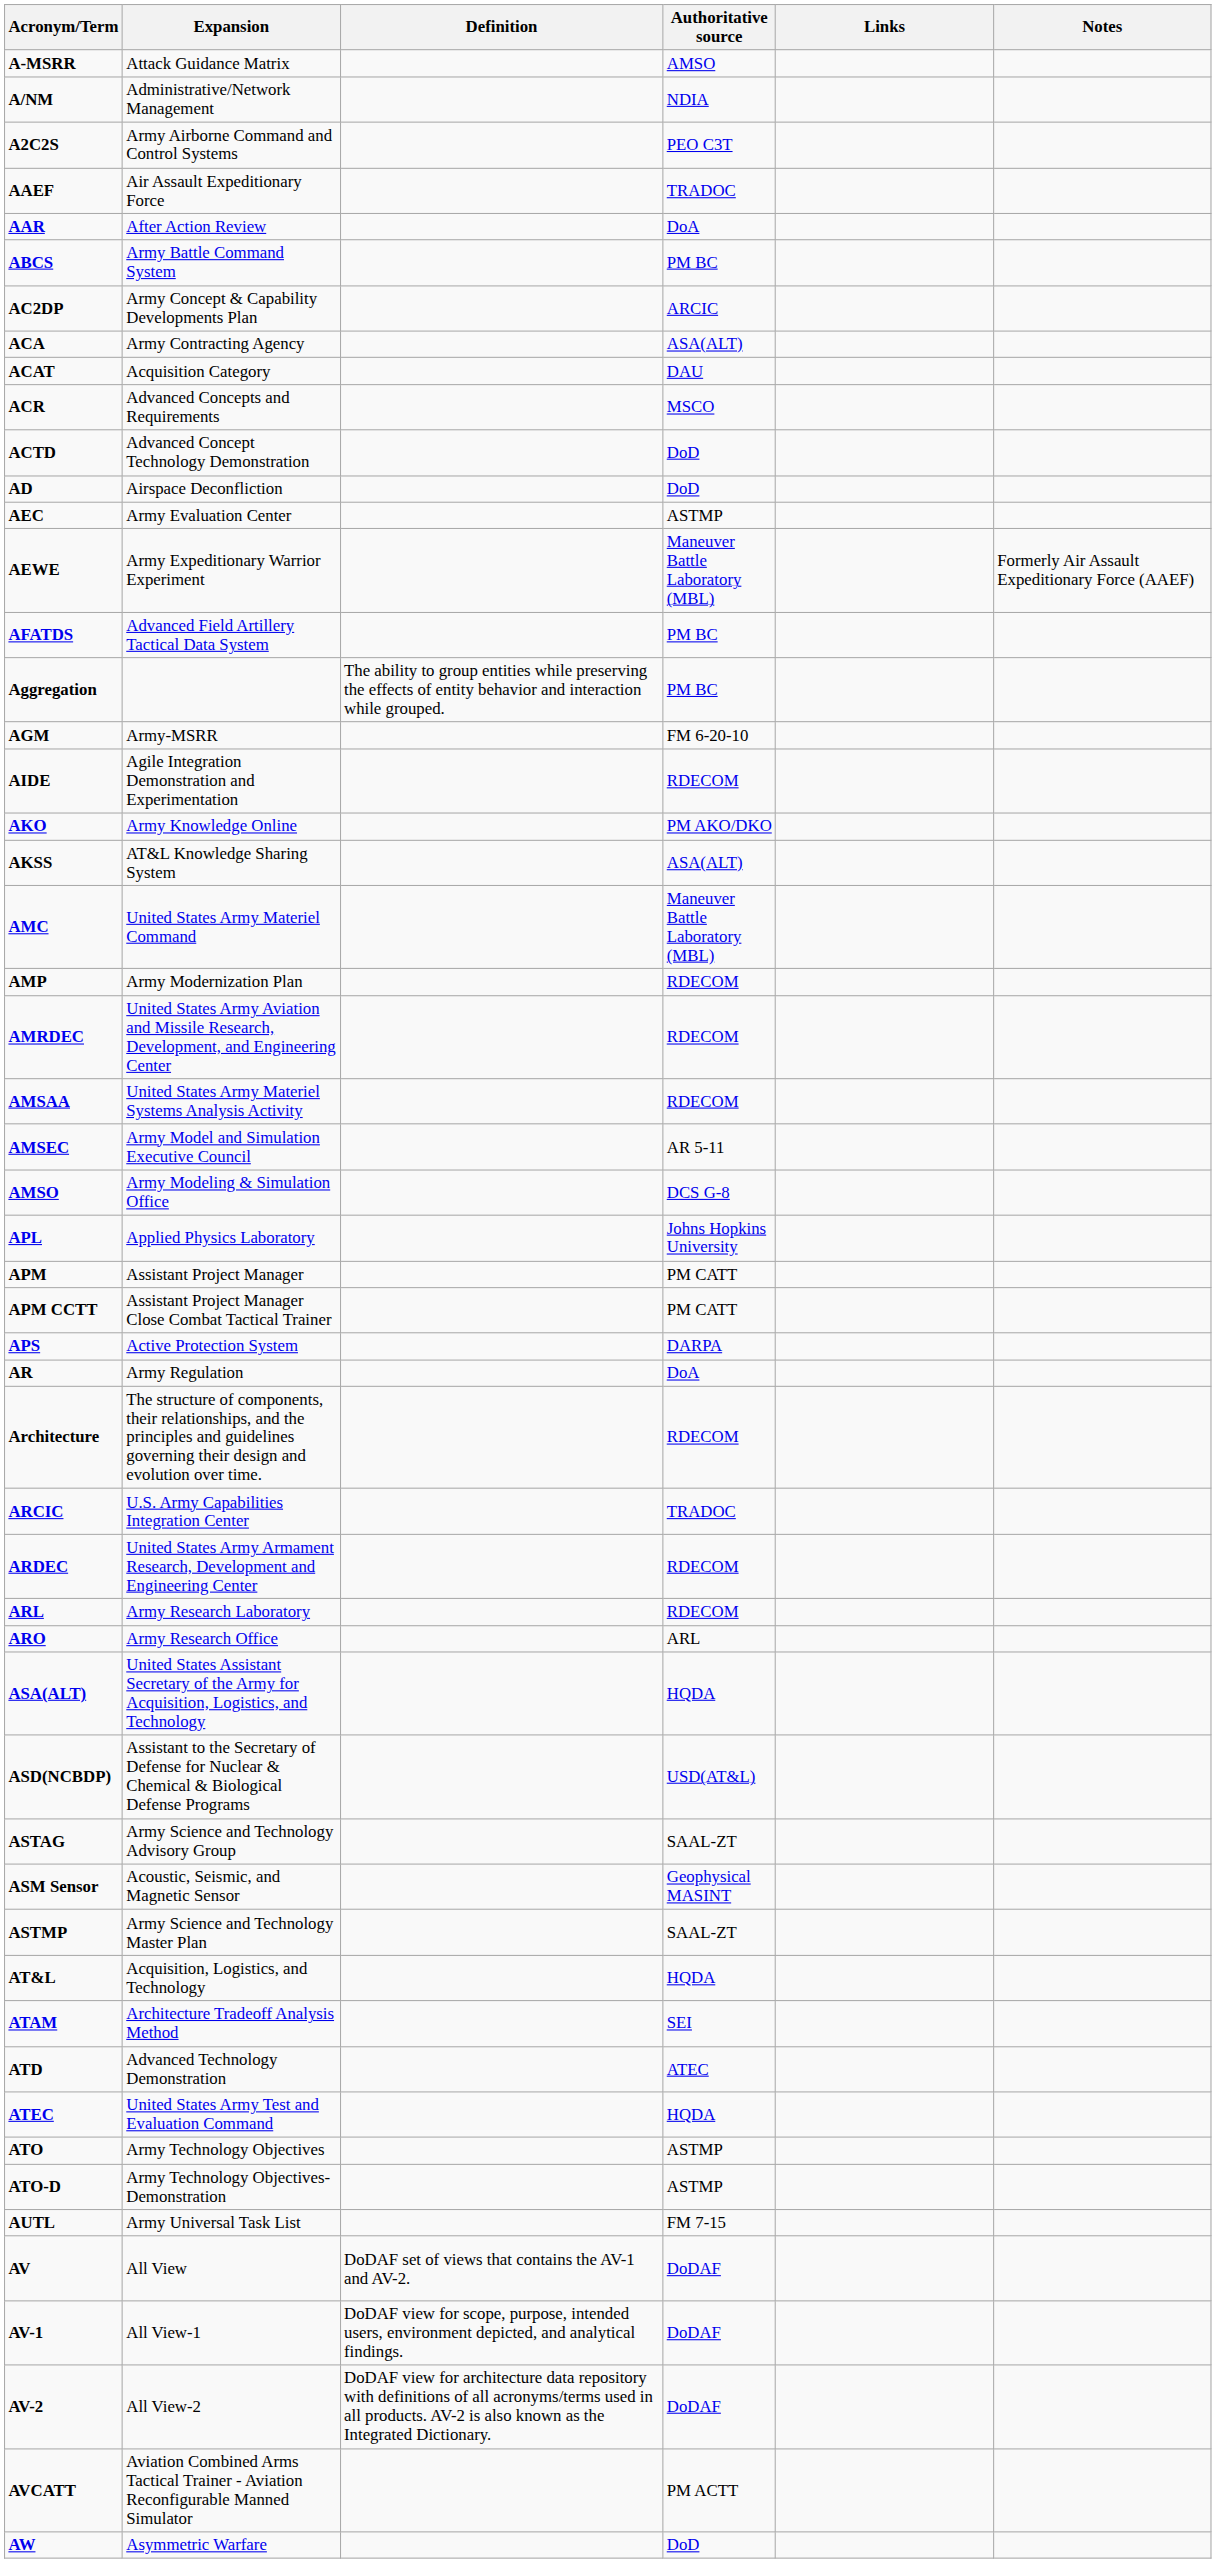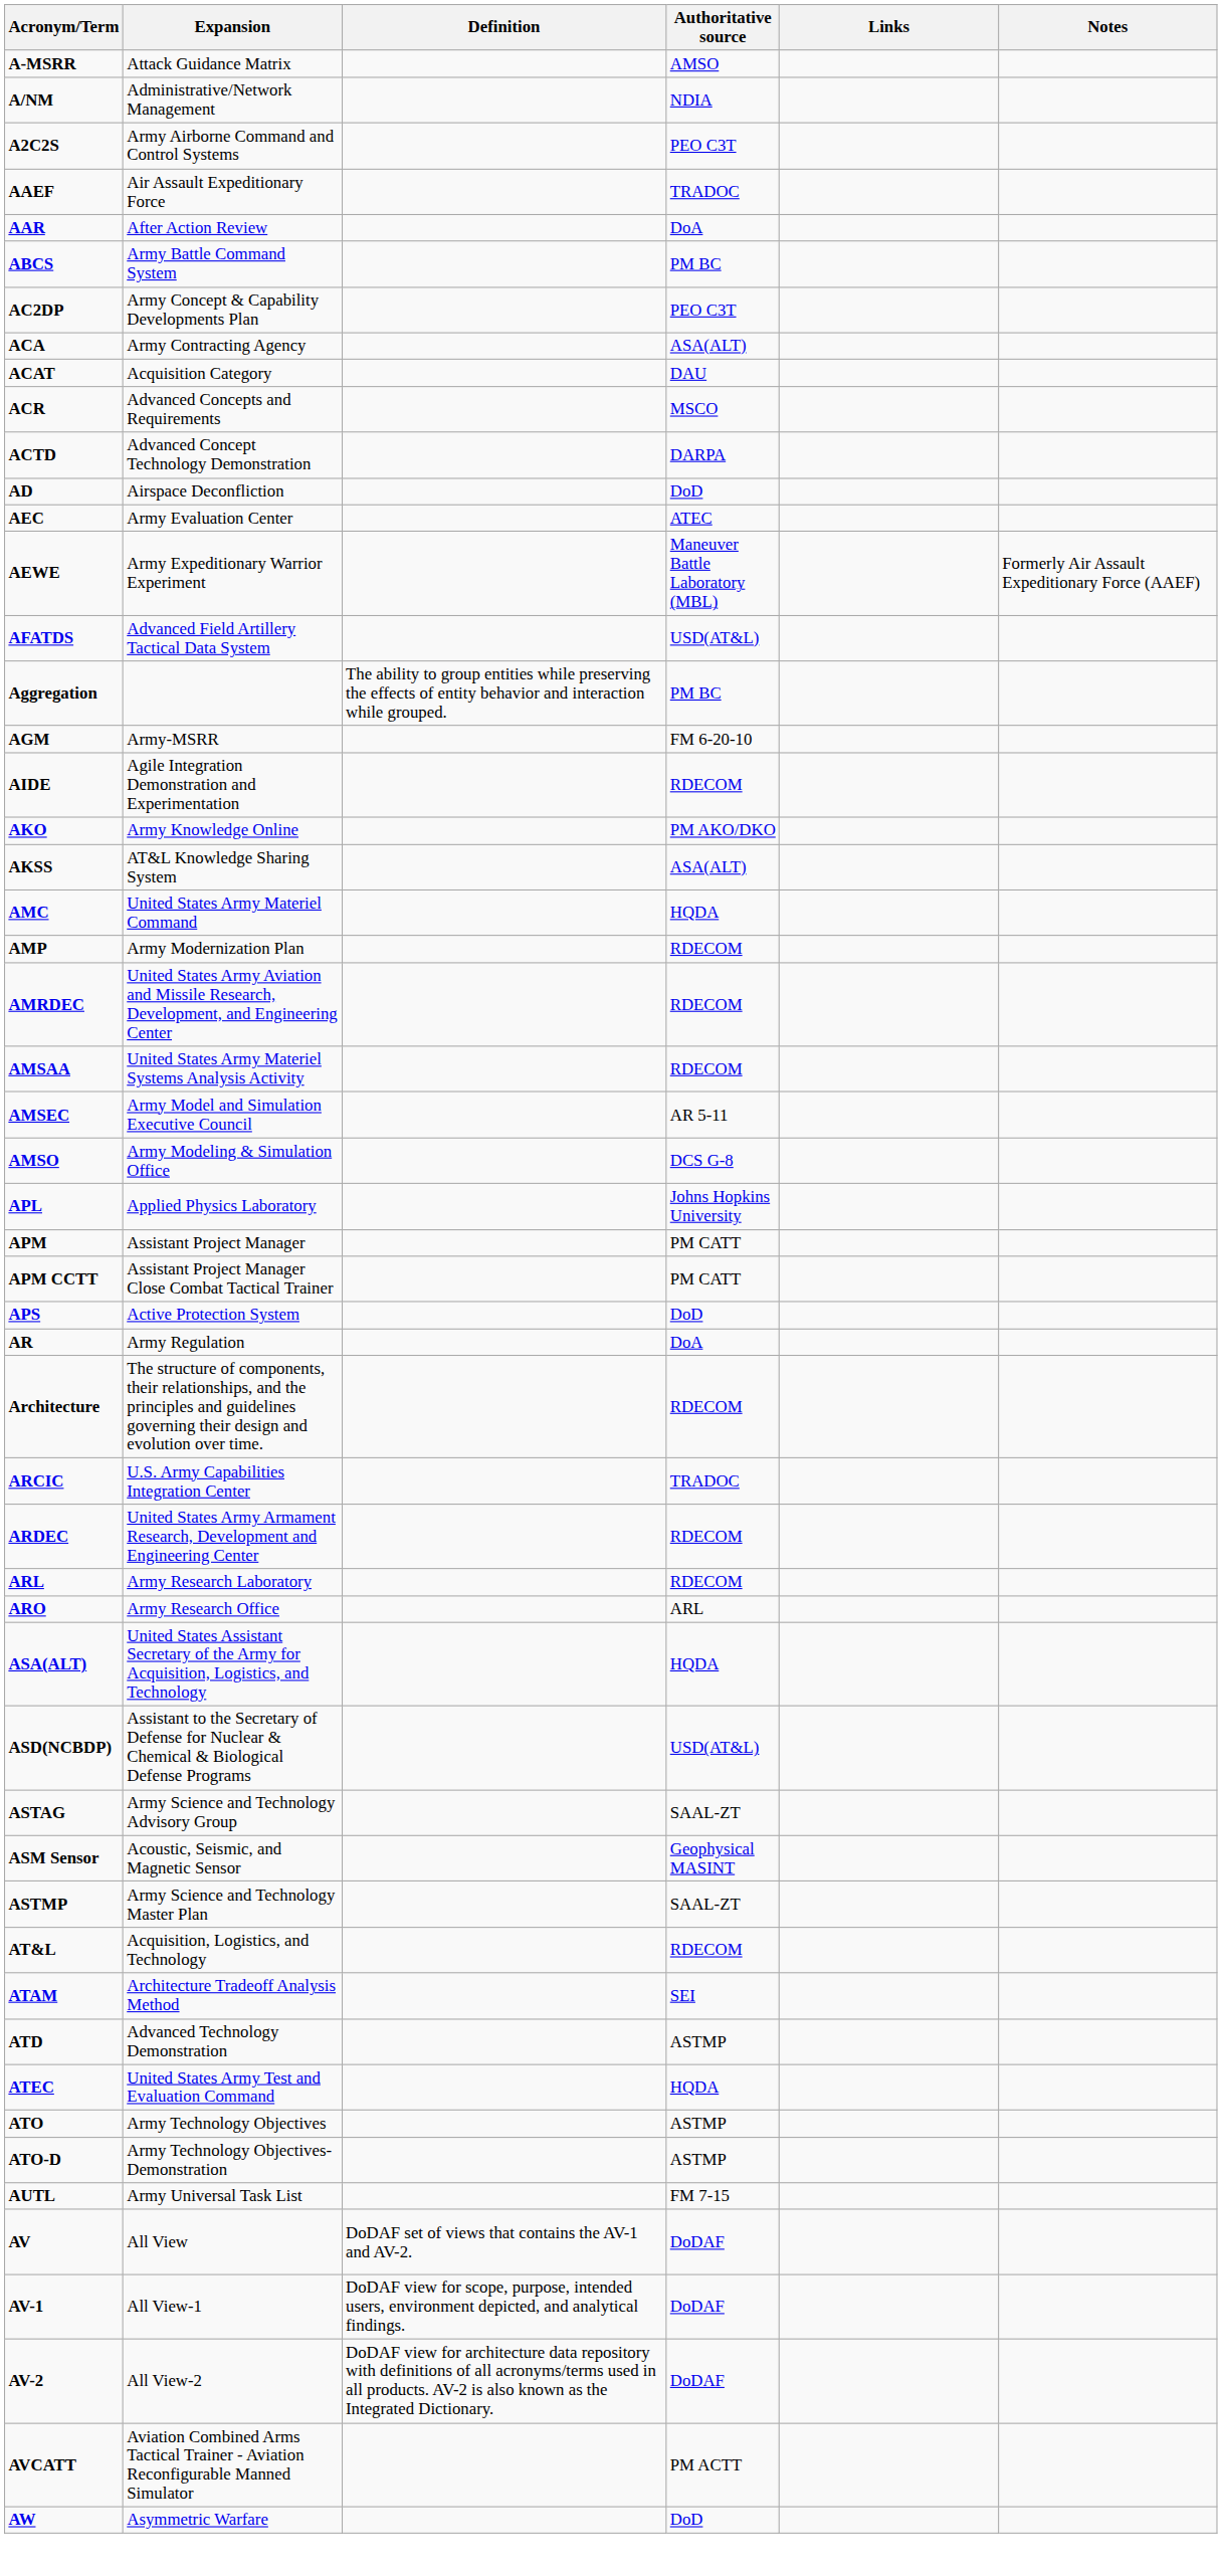 <table class="wikitable">
 <tr>
 <th width="100">Acronym/Term</th>
 <th width="200">Expansion</th>
 <th width="300">Definition</th>
 <th width="100">Authoritative source</th>
 <th width="200">Links</th>
 <th width="200">Notes</th>
 </tr>
 <tr>
 <td><strong>A-MSRR</strong></td>
 <td>Attack Guidance Matrix</td>
 <td></td>
 <td><a href='#'>AMSO</a></td>
 <td></td>
 <td></td>
 </tr>
 <tr>
 <td><strong>A/NM</strong></td>
 <td>Administrative/Network Management</td>
 <td></td>
 <td><a href='#'>NDIA</a></td>
 <td></td>
 <td></td>
 </tr>
 <tr>
 <td><strong>A2C2S</strong></td>
 <td>Army Airborne Command and Control Systems</td>
 <td></td>
 <td><a href='#'>PEO C3T</a></td>
 <td></td>
 <td></td>
 </tr>
 <tr>
 <td><strong>AAEF</strong></td>
 <td>Air Assault Expeditionary Force</td>
 <td></td>
 <td><a href='#'>TRADOC</a></td>
 <td></td>
 <td></td>
 </tr>
 <tr>
 <td><strong><a href='#'>AAR</a></strong></td>
 <td><a href='#'>After Action Review</a></td>
 <td></td>
 <td><a href='#'>DoA</a></td>
 <td></td>
 <td></td>
 </tr>
 <tr>
 <td><strong><a href='#'>ABCS</a></strong></td>
 <td><a href='#'>Army Battle Command System</a></td>
 <td></td>
 <td><a href='#'>PM BC</a></td>
 <td> </td>
 <td></td>
 </tr>
 <tr>
 <td><strong>AC2DP</strong></td>
 <td>Army Concept & Capability Developments Plan</td>
 <td></td>
-<td><a href='#'>ARCIC</a></td>
+<td><a href='#'>PEO C3T</a></td>
 <td> </td>
 <td></td>
 </tr>
 <tr>
 <td><strong>ACA</strong></td>
 <td>Army Contracting Agency</td>
 <td></td>
 <td><a href='#'>ASA(ALT)</a></td>
 <td></td>
 <td></td>
 </tr>
 <tr>
 <td><strong>ACAT</strong></td>
 <td>Acquisition Category</td>
 <td></td>
 <td><a href='#'>DAU</a></td>
 <td></td>
 <td></td>
 </tr>
 <tr>
 <td><strong>ACR</strong></td>
 <td>Advanced Concepts and Requirements</td>
 <td></td>
 <td><a href='#'>MSCO</a></td>
 <td></td>
 <td></td>
 </tr>
 <tr>
 <td><strong>ACTD</strong></td>
 <td>Advanced Concept Technology Demonstration</td>
 <td></td>
-<td><a href='#'>DoD</a></td>
+<td><a href='#'>DARPA</a></td>
 <td></td>
 <td></td>
 </tr>
 <tr>
 <td><strong>AD</strong></td>
 <td>Airspace Deconfliction</td>
 <td></td>
 <td><a href='#'>DoD</a></td>
 <td></td>
 <td></td>
 </tr>
 <tr>
 <td><strong>AEC</strong></td>
 <td>Army Evaluation Center</td>
 <td></td>
-<td>ASTMP</td>
+<td><a href='#'>ATEC</a></td>
 <td></td>
 <td></td>
 </tr>
 <tr>
 <td><strong>AEWE</strong></td>
 <td>Army Expeditionary Warrior Experiment</td>
 <td></td>
 <td><a href='#'>Maneuver Battle Laboratory (MBL)</a></td>
 <td></td>
 <td>Formerly Air Assault Expeditionary Force (AAEF)</td>
 </tr>
 <tr>
 <td><strong><a href='#'>AFATDS</a></strong></td>
 <td><a href='#'>Advanced Field Artillery Tactical Data System</a></td>
 <td></td>
-<td><a href='#'>PM BC</a></td>
+<td><a href='#'>USD(AT&L)</a></td>
 <td></td>
 <td></td>
 </tr>
 <tr>
 <td><strong>Aggregation</strong></td>
 <td></td>
 <td>The ability to group entities while preserving the effects of entity behavior and  interaction while grouped.</td>
 <td><a href='#'>PM BC</a></td>
 <td></td>
 <td></td>
 </tr>
 <tr>
 <td><strong>AGM</strong></td>
 <td>Army-MSRR</td>
 <td></td>
 <td>FM 6-20-10</td>
 <td></td>
 <td></td>
 </tr>
 <tr>
 <td><strong>AIDE</strong></td>
 <td>Agile Integration Demonstration and Experimentation</td>
 <td></td>
 <td><a href='#'>RDECOM</a></td>
 <td></td>
 <td></td>
 </tr>
 <tr>
 <td><strong><a href='#'>AKO</a></strong></td>
 <td><a href='#'>Army Knowledge Online</a></td>
 <td></td>
 <td><a href='#'>PM AKO/DKO</a></td>
 <td></td>
 <td></td>
 </tr>
 <tr>
 <td><strong>AKSS</strong></td>
 <td>AT&L Knowledge Sharing System</td>
 <td></td>
 <td><a href='#'>ASA(ALT)</a></td>
 <td></td>
 <td></td>
 </tr>
 <tr>
 <td><strong><a href='#'>AMC</a></strong></td>
 <td><a href='#'>United States Army Materiel Command</a></td>
 <td></td>
-<td><a href='#'>Maneuver Battle Laboratory (MBL)</a></td>
+<td><a href='#'>HQDA</a></td>
 <td></td>
 <td></td>
 </tr>
 <tr>
 <td><strong>AMP</strong></td>
 <td>Army Modernization Plan</td>
 <td></td>
 <td><a href='#'>RDECOM</a></td>
 <td><br></td>
 <td></td>
 </tr>
 <tr>
 <td><strong><a href='#'>AMRDEC</a></strong></td>
 <td><a href='#'>United States Army Aviation and Missile Research, Development, and Engineering Center</a></td>
 <td></td>
 <td><a href='#'>RDECOM</a></td>
 <td></td>
 <td></td>
 </tr>
 <tr>
 <td><strong><a href='#'>AMSAA</a></strong></td>
 <td><a href='#'>United States Army Materiel Systems Analysis Activity</a></td>
 <td></td>
 <td><a href='#'>RDECOM</a></td>
 <td></td>
 <td></td>
 </tr>
 <tr>
 <td><strong><a href='#'>AMSEC</a></strong></td>
 <td><a href='#'>Army Model and Simulation Executive Council</a></td>
 <td></td>
 <td>AR 5-11</td>
 <td></td>
 <td></td>
 </tr>
 <tr>
 <td><strong><a href='#'>AMSO</a></strong></td>
 <td><a href='#'>Army Modeling & Simulation Office</a></td>
 <td></td>
 <td><a href='#'>DCS G-8</a></td>
 <td></td>
 <td></td>
 </tr>
 <tr>
 <td><strong><a href='#'>APL</a></strong></td>
 <td><a href='#'>Applied Physics Laboratory</a></td>
 <td></td>
 <td><a href='#'>Johns Hopkins University</a></td>
 <td></td>
 <td></td>
 </tr>
 <tr>
 <td><strong>APM</strong></td>
 <td>Assistant Project Manager</td>
 <td></td>
 <td>PM CATT</td>
 <td></td>
 <td></td>
 </tr>
 <tr>
 <td><strong>APM CCTT</strong></td>
 <td>Assistant Project Manager Close Combat Tactical Trainer</td>
 <td></td>
 <td>PM CATT</td>
 <td></td>
 <td></td>
 </tr>
 <tr>
 <td><strong><a href='#'>APS</a></strong></td>
 <td><a href='#'>Active Protection System</a></td>
 <td></td>
-<td><a href='#'>DARPA</a></td>
+<td><a href='#'>DoD</a></td>
 <td></td>
 <td></td>
 </tr>
 <tr>
 <td><strong>AR</strong></td>
 <td>Army Regulation</td>
 <td></td>
 <td><a href='#'>DoA</a></td>
 <td></td>
 <td></td>
 </tr>
 <tr>
 <td><strong>Architecture</strong></td>
 <td>The structure of components, their relationships, and the principles and guidelines governing their design and evolution over time.</td>
 <td></td>
 <td><a href='#'>RDECOM</a></td>
 <td><br><br></td>
 <td></td>
 </tr>
 <tr>
 <td><strong><a href='#'>ARCIC</a></strong></td>
 <td><a href='#'>U.S. Army Capabilities Integration Center</a></td>
 <td></td>
 <td><a href='#'>TRADOC</a></td>
 <td></td>
 <td></td>
 </tr>
 <tr>
 <td><strong><a href='#'>ARDEC</a></strong></td>
 <td><a href='#'>United States Army Armament Research, Development and Engineering Center</a></td>
 <td></td>
 <td><a href='#'>RDECOM</a></td>
 <td></td>
 <td></td>
 </tr>
 <tr>
 <td><strong><a href='#'>ARL</a></strong></td>
 <td><a href='#'>Army Research Laboratory</a></td>
 <td></td>
 <td><a href='#'>RDECOM</a></td>
 <td></td>
 <td></td>
 </tr>
 <tr>
 <td><strong><a href='#'>ARO</a></strong></td>
 <td><a href='#'>Army Research Office</a></td>
 <td></td>
 <td>ARL</td>
 <td></td>
 <td></td>
 </tr>
 <tr>
 <td><strong><a href='#'>ASA(ALT)</a></strong></td>
 <td><a href='#'>United States Assistant Secretary of the Army for Acquisition, Logistics, and Technology</a></td>
 <td></td>
 <td><a href='#'>HQDA</a></td>
 <td></td>
 <td></td>
 </tr>
 <tr>
 <td><strong>ASD(NCBDP)</strong></td>
 <td>Assistant to the Secretary of Defense for Nuclear & Chemical & Biological Defense Programs</td>
 <td></td>
 <td><a href='#'>USD(AT&L)</a></td>
 <td></td>
 <td></td>
 </tr>
 <tr>
 <td><strong>ASTAG</strong></td>
 <td>Army Science and Technology Advisory Group</td>
 <td></td>
 <td>SAAL-ZT</td>
 <td></td>
 <td></td>
 </tr>
 <tr>
 <td><strong>ASM Sensor</strong></td>
 <td>Acoustic, Seismic, and Magnetic Sensor</td>
 <td></td>
 <td><a href='#'>Geophysical MASINT</a></td>
 <td></td>
 <td></td>
 </tr>
 <tr>
 <td><strong>ASTMP</strong></td>
 <td>Army Science and Technology Master Plan</td>
 <td></td>
 <td>SAAL-ZT</td>
 <td></td>
 <td></td>
 </tr>
 <tr>
 <td><strong>AT&L</strong></td>
 <td>Acquisition, Logistics, and Technology</td>
 <td></td>
-<td><a href='#'>HQDA</a></td>
+<td><a href='#'>RDECOM</a></td>
 <td></td>
 <td></td>
 </tr>
 <tr>
 <td><strong><a href='#'>ATAM</a></strong></td>
 <td><a href='#'>Architecture Tradeoff Analysis Method</a></td>
 <td></td>
 <td><a href='#'>SEI</a></td>
 <td></td>
 <td></td>
 </tr>
 <tr>
 <td><strong>ATD</strong></td>
 <td>Advanced Technology Demonstration</td>
 <td></td>
-<td><a href='#'>ATEC</a></td>
+<td>ASTMP</td>
 <td></td>
 <td></td>
 </tr>
 <tr>
 <td><strong><a href='#'>ATEC</a></strong></td>
 <td><a href='#'>United States Army Test and Evaluation Command</a></td>
 <td></td>
 <td><a href='#'>HQDA</a></td>
 <td></td>
 <td></td>
 </tr>
 <tr>
 <td><strong>ATO</strong></td>
 <td>Army Technology Objectives</td>
 <td></td>
 <td>ASTMP</td>
 <td></td>
 <td></td>
 </tr>
 <tr>
 <td><strong>ATO-D</strong></td>
 <td>Army Technology Objectives-Demonstration</td>
 <td></td>
 <td>ASTMP</td>
 <td></td>
 <td></td>
 </tr>
 <tr>
 <td><strong>AUTL</strong></td>
 <td>Army Universal Task List</td>
 <td></td>
 <td>FM 7-15</td>
 <td></td>
 <td></td>
 </tr>
 <tr>
 <td><strong>AV</strong></td>
 <td>All View</td>
 <td>DoDAF set of views that contains the AV-1 and AV-2.</td>
 <td><a href='#'>DoDAF</a></td>
 <td><br><br><br> </td>
 <td></td>
 </tr>
 <tr>
 <td><strong>AV-1</strong></td>
 <td>All View-1</td>
 <td>DoDAF view for scope, purpose, intended users, environment depicted, and analytical findings.</td>
 <td><a href='#'>DoDAF</a></td>
 <td></td>
 <td></td>
 </tr>
 <tr>
 <td><strong>AV-2</strong></td>
 <td>All View-2</td>
 <td>DoDAF view for architecture data repository with definitions of all acronyms/terms used in all products. AV-2 is also known as the Integrated Dictionary.</td>
 <td><a href='#'>DoDAF</a></td>
 <td></td>
 <td></td>
 </tr>
 <tr>
 <td><strong>AVCATT</strong></td>
 <td>Aviation Combined Arms Tactical Trainer - Aviation Reconfigurable Manned Simulator</td>
 <td></td>
 <td>PM ACTT</td>
 <td></td>
 <td></td>
 </tr>
 <tr>
 <td><strong><a href='#'>AW</a></strong></td>
 <td><a href='#'>Asymmetric Warfare</a></td>
 <td></td>
 <td><a href='#'>DoD</a></td>
 <td></td>
 <td></td>
 </tr>
 </table>
